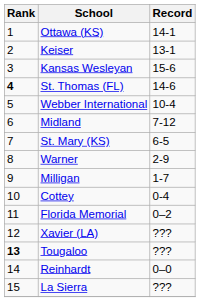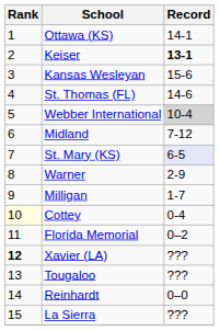 <table class="wikitable">
 <tr>
 <th>Rank</th>
 <th>School</th>
 <th>Record</th>
 </tr>
 <tr>
 <td>1</td>
 <td><a href='#'>Ottawa (KS)</a></td>
 <td>14-1</td>
 </tr>
 <tr>
 <td>2</td>
 <td><a href='#'>Keiser</a></td>
-<td>13-1</td>
+<td><strong>13-1</strong></td>
 </tr>
 <tr>
 <td>3</td>
 <td><a href='#'>Kansas Wesleyan</a></td>
 <td>15-6</td>
 </tr>
 <tr>
-<td><strong>4</strong></td>
+<td>4</td>
 <td><a href='#'>St. Thomas (FL)</a></td>
 <td>14-6</td>
 </tr>
 <tr>
 <td>5</td>
 <td><a href='#'>Webber International</a></td>
-<td>10-4</td>
+<td style="background: lightgrey;">10-4</td>
 </tr>
 <tr>
 <td>6</td>
 <td><a href='#'>Midland</a></td>
 <td>7-12</td>
 </tr>
 <tr>
 <td>7</td>
 <td><a href='#'>St. Mary (KS)</a></td>
-<td>6-5</td>
+<td style="background: lavender;">6-5</td>
 </tr>
 <tr>
 <td>8</td>
 <td><a href='#'>Warner</a></td>
 <td>2-9</td>
 </tr>
 <tr>
 <td>9</td>
 <td><a href='#'>Milligan</a></td>
 <td>1-7</td>
 </tr>
 <tr>
-<td>10</td>
+<td style="background: lightyellow;">10</td>
 <td><a href='#'>Cottey</a></td>
 <td>0-4</td>
 </tr>
 <tr>
 <td>11</td>
 <td><a href='#'>Florida Memorial</a></td>
 <td>0–2</td>
 </tr>
 <tr>
-<td>12</td>
+<td><strong>12</strong></td>
 <td><a href='#'>Xavier (LA)</a></td>
 <td>???</td>
 </tr>
 <tr>
-<td><strong>13</strong></td>
+<td>13</td>
 <td><a href='#'>Tougaloo</a></td>
 <td>???</td>
 </tr>
 <tr>
 <td>14</td>
 <td><a href='#'>Reinhardt</a></td>
 <td>0–0</td>
 </tr>
 <tr>
 <td>15</td>
 <td><a href='#'>La Sierra</a></td>
 <td>???</td>
 </tr>
 <tr>
 </tr>
 </table>
